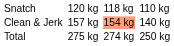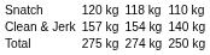 <table>
 <tr>
 <td>Snatch</td>
 <td></td>
 <td>120 kg</td>
 <td></td>
 <td>118 kg</td>
 <td></td>
 <td>110 kg</td>
 </tr>
 <tr>
 <td>Clean & Jerk</td>
 <td></td>
 <td>157 kg</td>
 <td></td>
-<td style="background: lightsalmon;">154 kg</td>
+<td>154 kg</td>
 <td></td>
 <td>140 kg</td>
 </tr>
 <tr>
 <td>Total</td>
 <td></td>
 <td>275 kg</td>
 <td></td>
 <td>274 kg</td>
 <td></td>
 <td>250 kg</td>
 </tr>
 </table>
